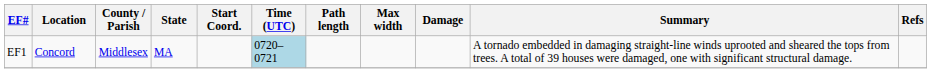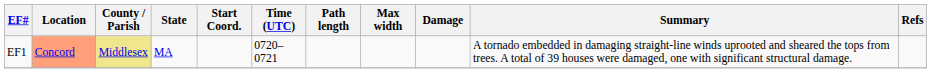 <table class="wikitable sortable" style="width:100%;">
 <tr>
 <th scope="col" width="3%" align="center"><a href='#'>EF#</a></th>
 <th scope="col" width="7%" align="center" class="unsortable">Location</th>
 <th scope="col" width="6%" align="center" class="unsortable">County / Parish</th>
 <th scope="col" width="5%" align="center">State</th>
 <th scope="col" width="6%" align="center">Start Coord.</th>
 <th scope="col" width="6%" align="center">Time (<a href='#'>UTC</a>)</th>
 <th scope="col" width="6%" align="center">Path length</th>
 <th scope="col" width="6%" align="center">Max width</th>
 <th scope="col" width="6%" align="center">Damage</th>
 <th scope="col" width="48%" class="unsortable" align="center">Summary</th>
 <th scope="col" width="48%" class="unsortable" align="center">Refs</th>
 </tr>
 <tr>
 <td>EF1</td>
-<td><a href='#'>Concord</a></td>
-<td><a href='#'>Middlesex</a></td>
+<td style="background: lightsalmon;"><a href='#'>Concord</a></td>
+<td style="background: khaki;"><a href='#'>Middlesex</a></td>
 <td><a href='#'>MA</a></td>
 <td></td>
-<td style="background: lightblue;">0720–0721</td>
+<td>0720–0721</td>
 <td></td>
 <td></td>
 <td></td>
 <td>A tornado embedded in damaging straight-line winds uprooted and sheared the tops from trees. A total of 39 houses were damaged, one with significant structural damage.</td>
 <td></td>
 </tr>
 <tr>
 </tr>
 </table>
